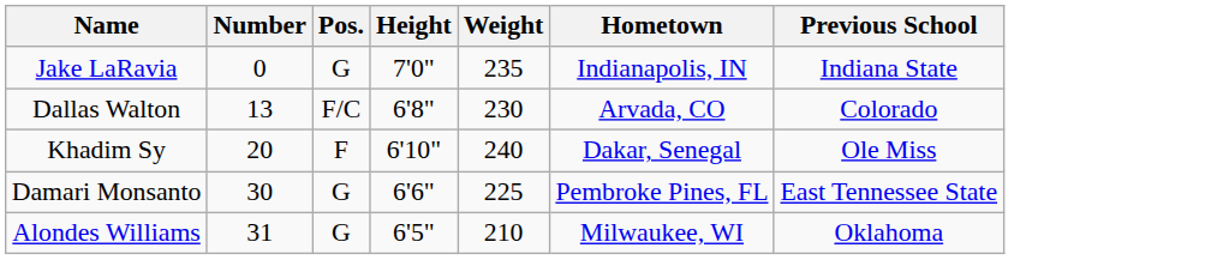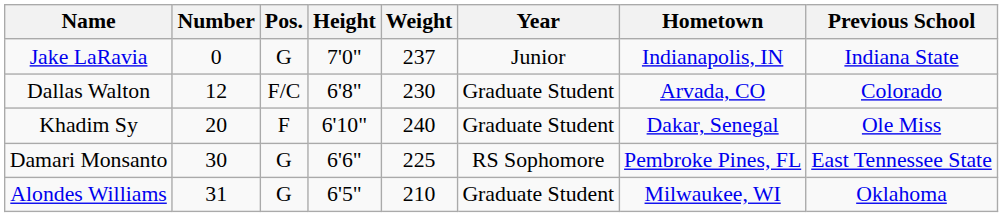 <table class="wikitable sortable" border="1" style="text-align:center;">
 <tr align=center>
 <th>Name</th>
 <th>Number</th>
 <th>Pos.</th>
 <th>Height</th>
 <th>Weight</th>
+<th>Year</th>
 <th>Hometown</th>
 <th>Previous School</th>
 </tr>
 <tr>
 <td><a href='#'>Jake LaRavia</a></td>
 <td>0</td>
 <td>G</td>
 <td>7'0"</td>
-<td>235</td>
+<td>237</td>
+<td>Junior</td>
 <td><a href='#'>Indianapolis, IN</a></td>
 <td><a href='#'>Indiana State</a></td>
 </tr>
 <tr>
 <td>Dallas Walton</td>
-<td>13</td>
+<td>12</td>
 <td>F/C</td>
 <td>6'8"</td>
 <td>230</td>
+<td>Graduate Student</td>
 <td><a href='#'>Arvada, CO</a></td>
 <td><a href='#'>Colorado</a></td>
 </tr>
 <tr>
 <td>Khadim Sy</td>
 <td>20</td>
 <td>F</td>
 <td>6'10"</td>
 <td>240</td>
+<td>Graduate Student</td>
 <td><a href='#'>Dakar, Senegal</a></td>
 <td><a href='#'>Ole Miss</a></td>
 </tr>
 <tr>
 <td>Damari Monsanto</td>
 <td>30</td>
 <td>G</td>
 <td>6'6"</td>
 <td>225</td>
+<td>RS Sophomore</td>
 <td><a href='#'>Pembroke Pines, FL</a></td>
 <td><a href='#'>East Tennessee State</a></td>
 </tr>
 <tr>
 <td><a href='#'>Alondes Williams</a></td>
 <td>31</td>
 <td>G</td>
 <td>6'5"</td>
 <td>210</td>
+<td>Graduate Student</td>
 <td><a href='#'>Milwaukee, WI</a></td>
 <td><a href='#'>Oklahoma</a></td>
 </tr>
 </table>
